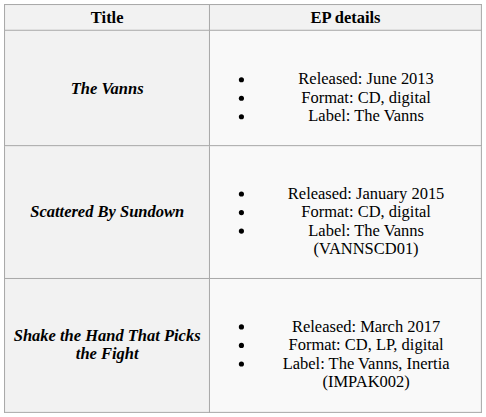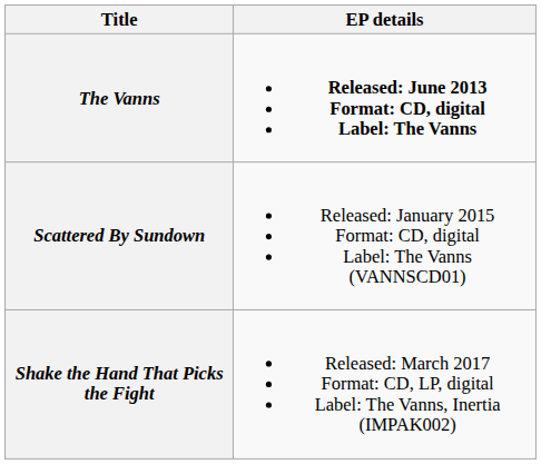 <table class="wikitable plainrowheaders" style="text-align:center;" border="1">
 <tr>
 <th scope="col" rowspan="1" style="width:12em;">Title</th>
 <th scope="col" rowspan="1" style="width:16em;">EP details</th>
 </tr>
 <tr>
 <th scope="row"><em>The Vanns</em></th>
-<td><br><ul><li>Released: June 2013</li><li>Format: CD, digital</li><li>Label: The Vanns</li></ul></td>
+<td><strong><br><ul><li>Released: June 2013</li><li>Format: CD, digital</li><li>Label: The Vanns</li></ul></strong></td>
 </tr>
 <tr>
 <th scope="row"><em>Scattered By Sundown</em></th>
 <td><br><ul><li>Released: January 2015</li><li>Format: CD, digital</li><li>Label: The Vanns (VANNSCD01)</li></ul></td>
 </tr>
 <tr>
 <th scope="row"><em>Shake the Hand That Picks the Fight</em></th>
 <td><br><ul><li>Released: March 2017</li><li>Format: CD, LP, digital</li><li>Label: The Vanns, Inertia (IMPAK002)</li></ul></td>
 </tr>
 </table>
